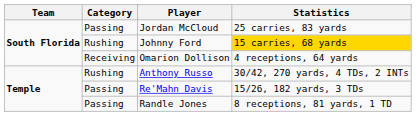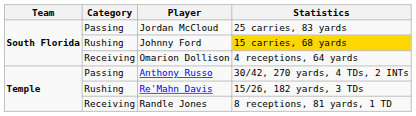 <table class="wikitable" style="float: left;">
 <tr>
 <th>Team</th>
 <th>Category</th>
 <th>Player</th>
 <th>Statistics</th>
 </tr>
 <tr>
 <td rowspan=3><strong>South Florida</strong></td>
 <td>Passing</td>
 <td>Jordan McCloud</td>
 <td>25 carries, 83 yards</td>
 </tr>
 <tr>
 <td>Rushing</td>
 <td>Johnny Ford</td>
 <td style="background: gold;">15 carries, 68 yards</td>
 </tr>
 <tr>
 <td>Receiving</td>
 <td>Omarion Dollison</td>
 <td>4 receptions, 64 yards</td>
 </tr>
 <tr>
 <td rowspan=3><strong>Temple</strong></td>
-<td>Rushing</td>
+<td>Passing</td>
 <td><a href='#'>Anthony Russo</a></td>
 <td>30/42, 270 yards, 4 TDs, 2 INTs</td>
 </tr>
 <tr>
-<td>Passing</td>
+<td>Rushing</td>
 <td><a href='#'>Re'Mahn Davis</a></td>
 <td>15/26, 182 yards, 3 TDs</td>
 </tr>
 <tr>
-<td>Passing</td>
+<td>Receiving</td>
 <td>Randle Jones</td>
 <td>8 receptions, 81 yards, 1 TD</td>
 </tr>
 </table>
